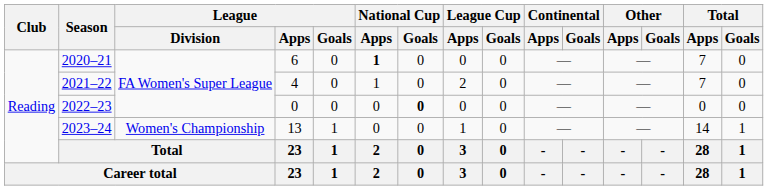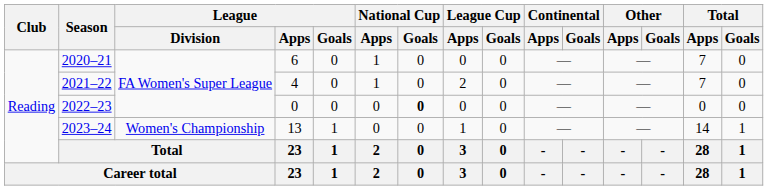 <table class="wikitable" style="text-align:center">
 <tr>
 <th rowspan="2">Club</th>
 <th rowspan="2">Season</th>
 <th colspan="3">League</th>
 <th colspan="2">National Cup</th>
 <th colspan="2">League Cup</th>
 <th colspan="2">Continental</th>
 <th colspan="2">Other</th>
 <th colspan="2">Total</th>
 </tr>
 <tr>
 <th>Division</th>
 <th>Apps</th>
 <th>Goals</th>
 <th>Apps</th>
 <th>Goals</th>
 <th>Apps</th>
 <th>Goals</th>
 <th>Apps</th>
 <th>Goals</th>
 <th>Apps</th>
 <th>Goals</th>
 <th>Apps</th>
 <th>Goals</th>
 </tr>
 <tr>
 <td rowspan="5"><a href='#'>Reading</a></td>
 <td><a href='#'>2020–21</a></td>
 <td rowspan="3"><a href='#'>FA Women's Super League</a></td>
 <td>6</td>
 <td>0</td>
-<td><strong>1</strong></td>
+<td>1</td>
 <td>0</td>
 <td>0</td>
 <td>0</td>
 <td colspan="2">—</td>
 <td colspan="2">—</td>
 <td>7</td>
 <td>0</td>
 </tr>
 <tr>
 <td><a href='#'>2021–22</a></td>
 <td>4</td>
 <td>0</td>
 <td>1</td>
 <td>0</td>
 <td>2</td>
 <td>0</td>
 <td colspan="2">—</td>
 <td colspan="2">—</td>
 <td>7</td>
 <td>0</td>
 </tr>
 <tr>
 <td><a href='#'>2022–23</a></td>
 <td>0</td>
 <td>0</td>
 <td>0</td>
 <td><strong>0</strong></td>
 <td>0</td>
 <td>0</td>
 <td colspan="2">—</td>
 <td colspan="2">—</td>
 <td>0</td>
 <td>0</td>
 </tr>
 <tr>
 <td><a href='#'>2023–24</a></td>
 <td><a href='#'>Women's Championship</a></td>
 <td>13</td>
 <td>1</td>
 <td>0</td>
 <td>0</td>
 <td>1</td>
 <td>0</td>
 <td colspan="2">—</td>
 <td colspan="2">—</td>
 <td>14</td>
 <td>1</td>
 </tr>
 <tr>
 <th colspan="2">Total</th>
 <th>23</th>
 <th>1</th>
 <th>2</th>
 <th>0</th>
 <th>3</th>
 <th>0</th>
 <th>-</th>
 <th>-</th>
 <th>-</th>
 <th>-</th>
 <th>28</th>
 <th>1</th>
 </tr>
 <tr>
 <th colspan="3">Career total</th>
 <th>23</th>
 <th>1</th>
 <th>2</th>
 <th>0</th>
 <th>3</th>
 <th>0</th>
 <th>-</th>
 <th>-</th>
 <th>-</th>
 <th>-</th>
 <th>28</th>
 <th>1</th>
 </tr>
 </table>
